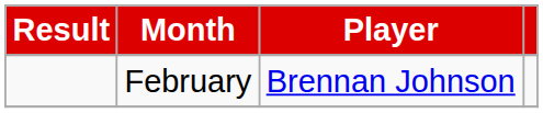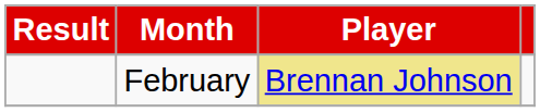 <table class="wikitable" style="text-align:left">
 <tr>
 <th style="background:#DD0000; color:#FFFFFF;">Result</th>
 <th style="background:#DD0000; color:#FFFFFF;">Month</th>
 <th style="background:#DD0000;color:#FFFFFF;">Player</th>
 <th style="background:#DD0000; color:#FFFFFF;"></th>
 </tr>
 <tr>
 </tr>
 <tr>
 <td></td>
 <td>February</td>
-<td> <a href='#'>Brennan Johnson</a></td>
+<td style="background: khaki;"> <a href='#'>Brennan Johnson</a></td>
 <td></td>
 </tr>
 <tr>
 </tr>
 </table>
